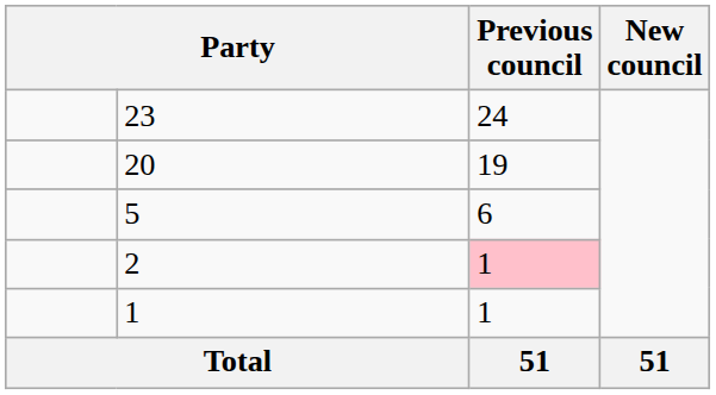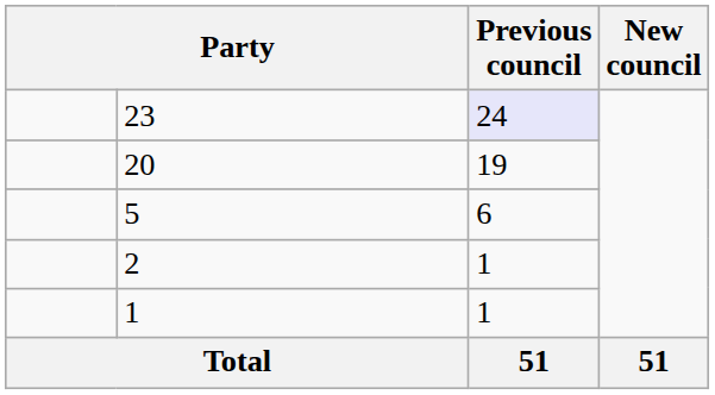 <table class="wikitable">
 <tr>
 <th valign=centre colspan="2" style="width: 230px">Party</th>
 <th valign=top style="width: 30px">Previous council</th>
 <th valign=top style="width: 30px">New council</th>
 </tr>
 <tr>
 <td></td>
 <td>23</td>
-<td>24</td>
+<td style="background: lavender;">24</td>
 </tr>
 <tr>
 <td></td>
 <td>20</td>
 <td>19</td>
 </tr>
 <tr>
 <td></td>
 <td>5</td>
 <td>6</td>
 </tr>
 <tr>
 <td></td>
 <td>2</td>
-<td style="background: pink;">1</td>
+<td>1</td>
 </tr>
 <tr>
 <td></td>
 <td>1</td>
 <td>1</td>
 </tr>
 <tr>
 <th colspan=2>Total</th>
 <th style="text-align: center">51</th>
 <th colspan=3>51</th>
 </tr>
 </table>
